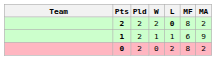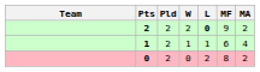 <table class=wikitable style="text-align:center">
 <tr>
 <th width=175>Team</th>
 <th width=20>Pts</th>
 <th width=20>Pld</th>
 <th width=20>W</th>
 <th width=20>L</th>
 <th width=20>MF</th>
 <th width=20>MA</th>
 </tr>
 <tr bgcolor=ccffcc>
 <td style="text-align:left"></td>
 <td><strong>2</strong></td>
 <td>2</td>
 <td>2</td>
 <td><strong>0</strong></td>
-<td>8</td>
+<td>9</td>
 <td>2</td>
 </tr>
 <tr bgcolor=ccffcc>
 <td style="text-align:left"></td>
 <td><strong>1</strong></td>
 <td>2</td>
 <td>1</td>
 <td>1</td>
 <td>6</td>
-<td>9</td>
+<td>4</td>
 </tr>
 <tr bgcolor=ffb6c1>
 <td style="text-align:left"></td>
 <td><strong>0</strong></td>
 <td>2</td>
 <td>0</td>
 <td>2</td>
 <td>8</td>
 <td>2</td>
 </tr>
 </table>
